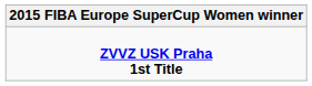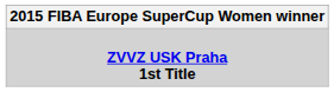 <table class=wikitable style="text-align:center; margin:auto">
 <tr>
 <th>2015 FIBA Europe SuperCup Women winner</th>
 </tr>
 <tr>
-<td><br> <strong><a href='#'>ZVVZ USK Praha</a></strong> <br> <strong>1st Title</strong></td>
+<td style="background: lightgrey;"><br> <strong><a href='#'>ZVVZ USK Praha</a></strong> <br> <strong>1st Title</strong></td>
 </tr>
 </table>
